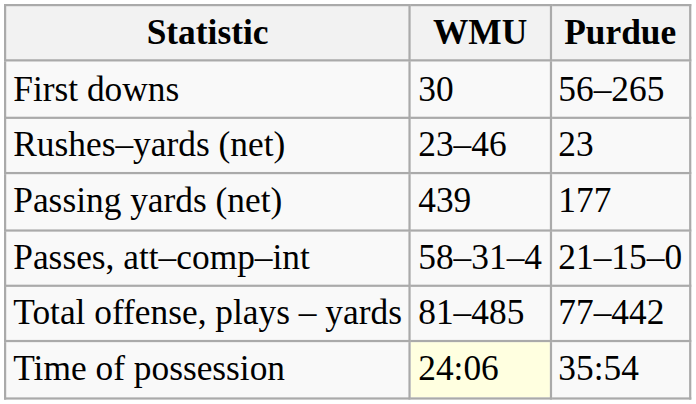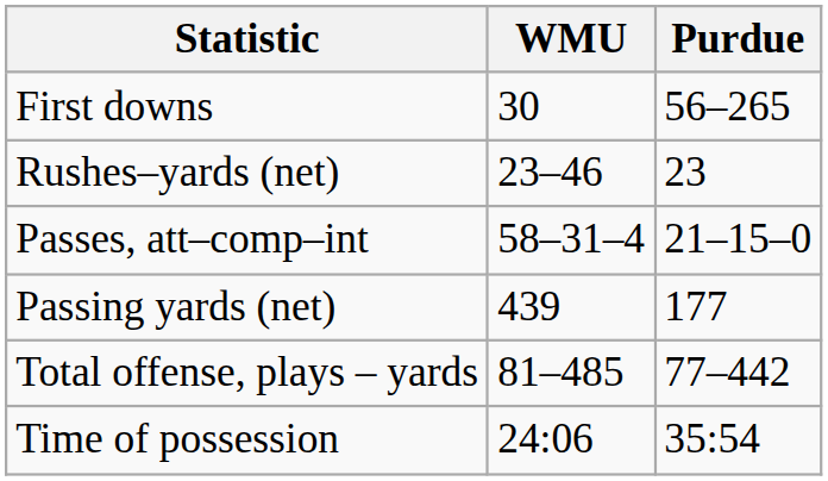 <table class="wikitable">
 <tr>
 <th>Statistic</th>
 <th><strong>WMU</strong></th>
 <th><strong>Purdue</strong></th>
 </tr>
 <tr>
 <td>First downs</td>
 <td>30</td>
 <td>56–265</td>
 </tr>
 <tr>
 <td>Rushes–yards (net)</td>
 <td>23–46</td>
 <td>23</td>
 </tr>
 <tr>
+<td>Passes, att–comp–int</td>
+<td>58–31–4</td>
+<td>21–15–0</td>
+</tr>
+<tr>
 <td>Passing yards (net)</td>
 <td>439</td>
 <td>177</td>
-</tr>
-<tr>
-<td>Passes, att–comp–int</td>
-<td>58–31–4</td>
-<td>21–15–0</td>
 </tr>
 <tr>
 <td>Total offense, plays – yards</td>
 <td>81–485</td>
 <td>77–442</td>
 </tr>
 <tr>
 <td>Time of possession</td>
-<td style="background: lightyellow;">24:06</td>
+<td>24:06</td>
 <td>35:54</td>
 </tr>
 </table>
